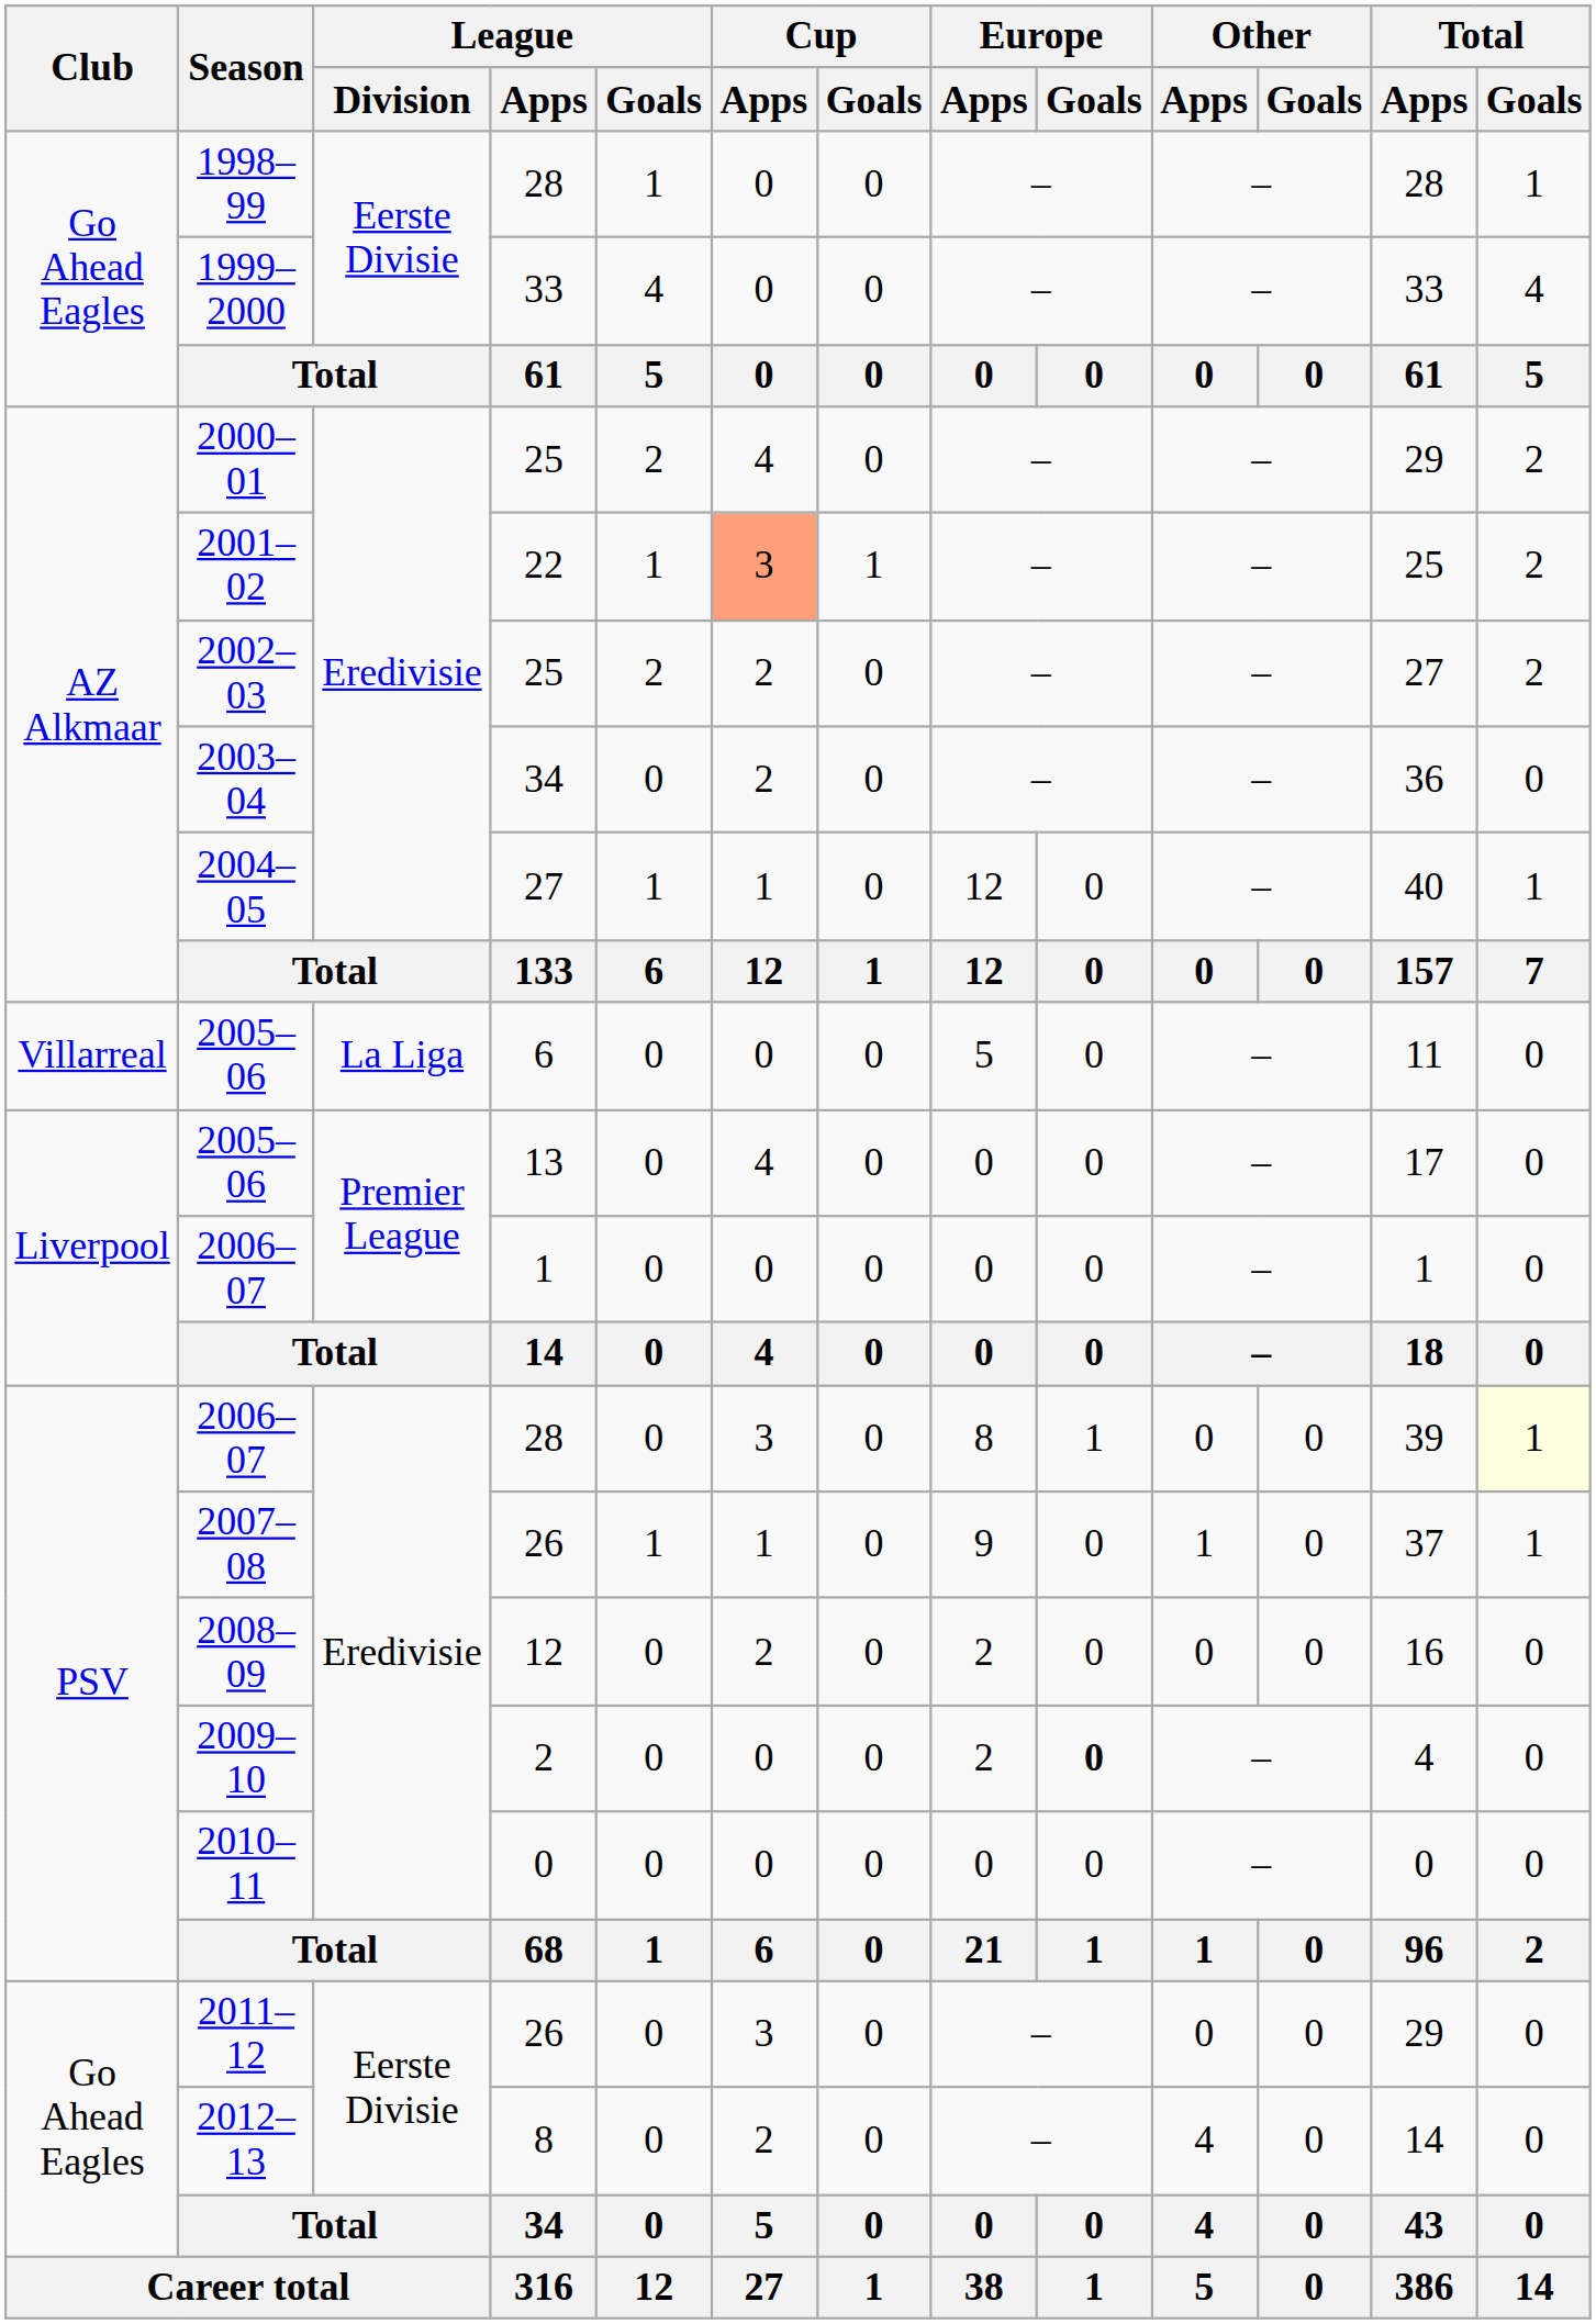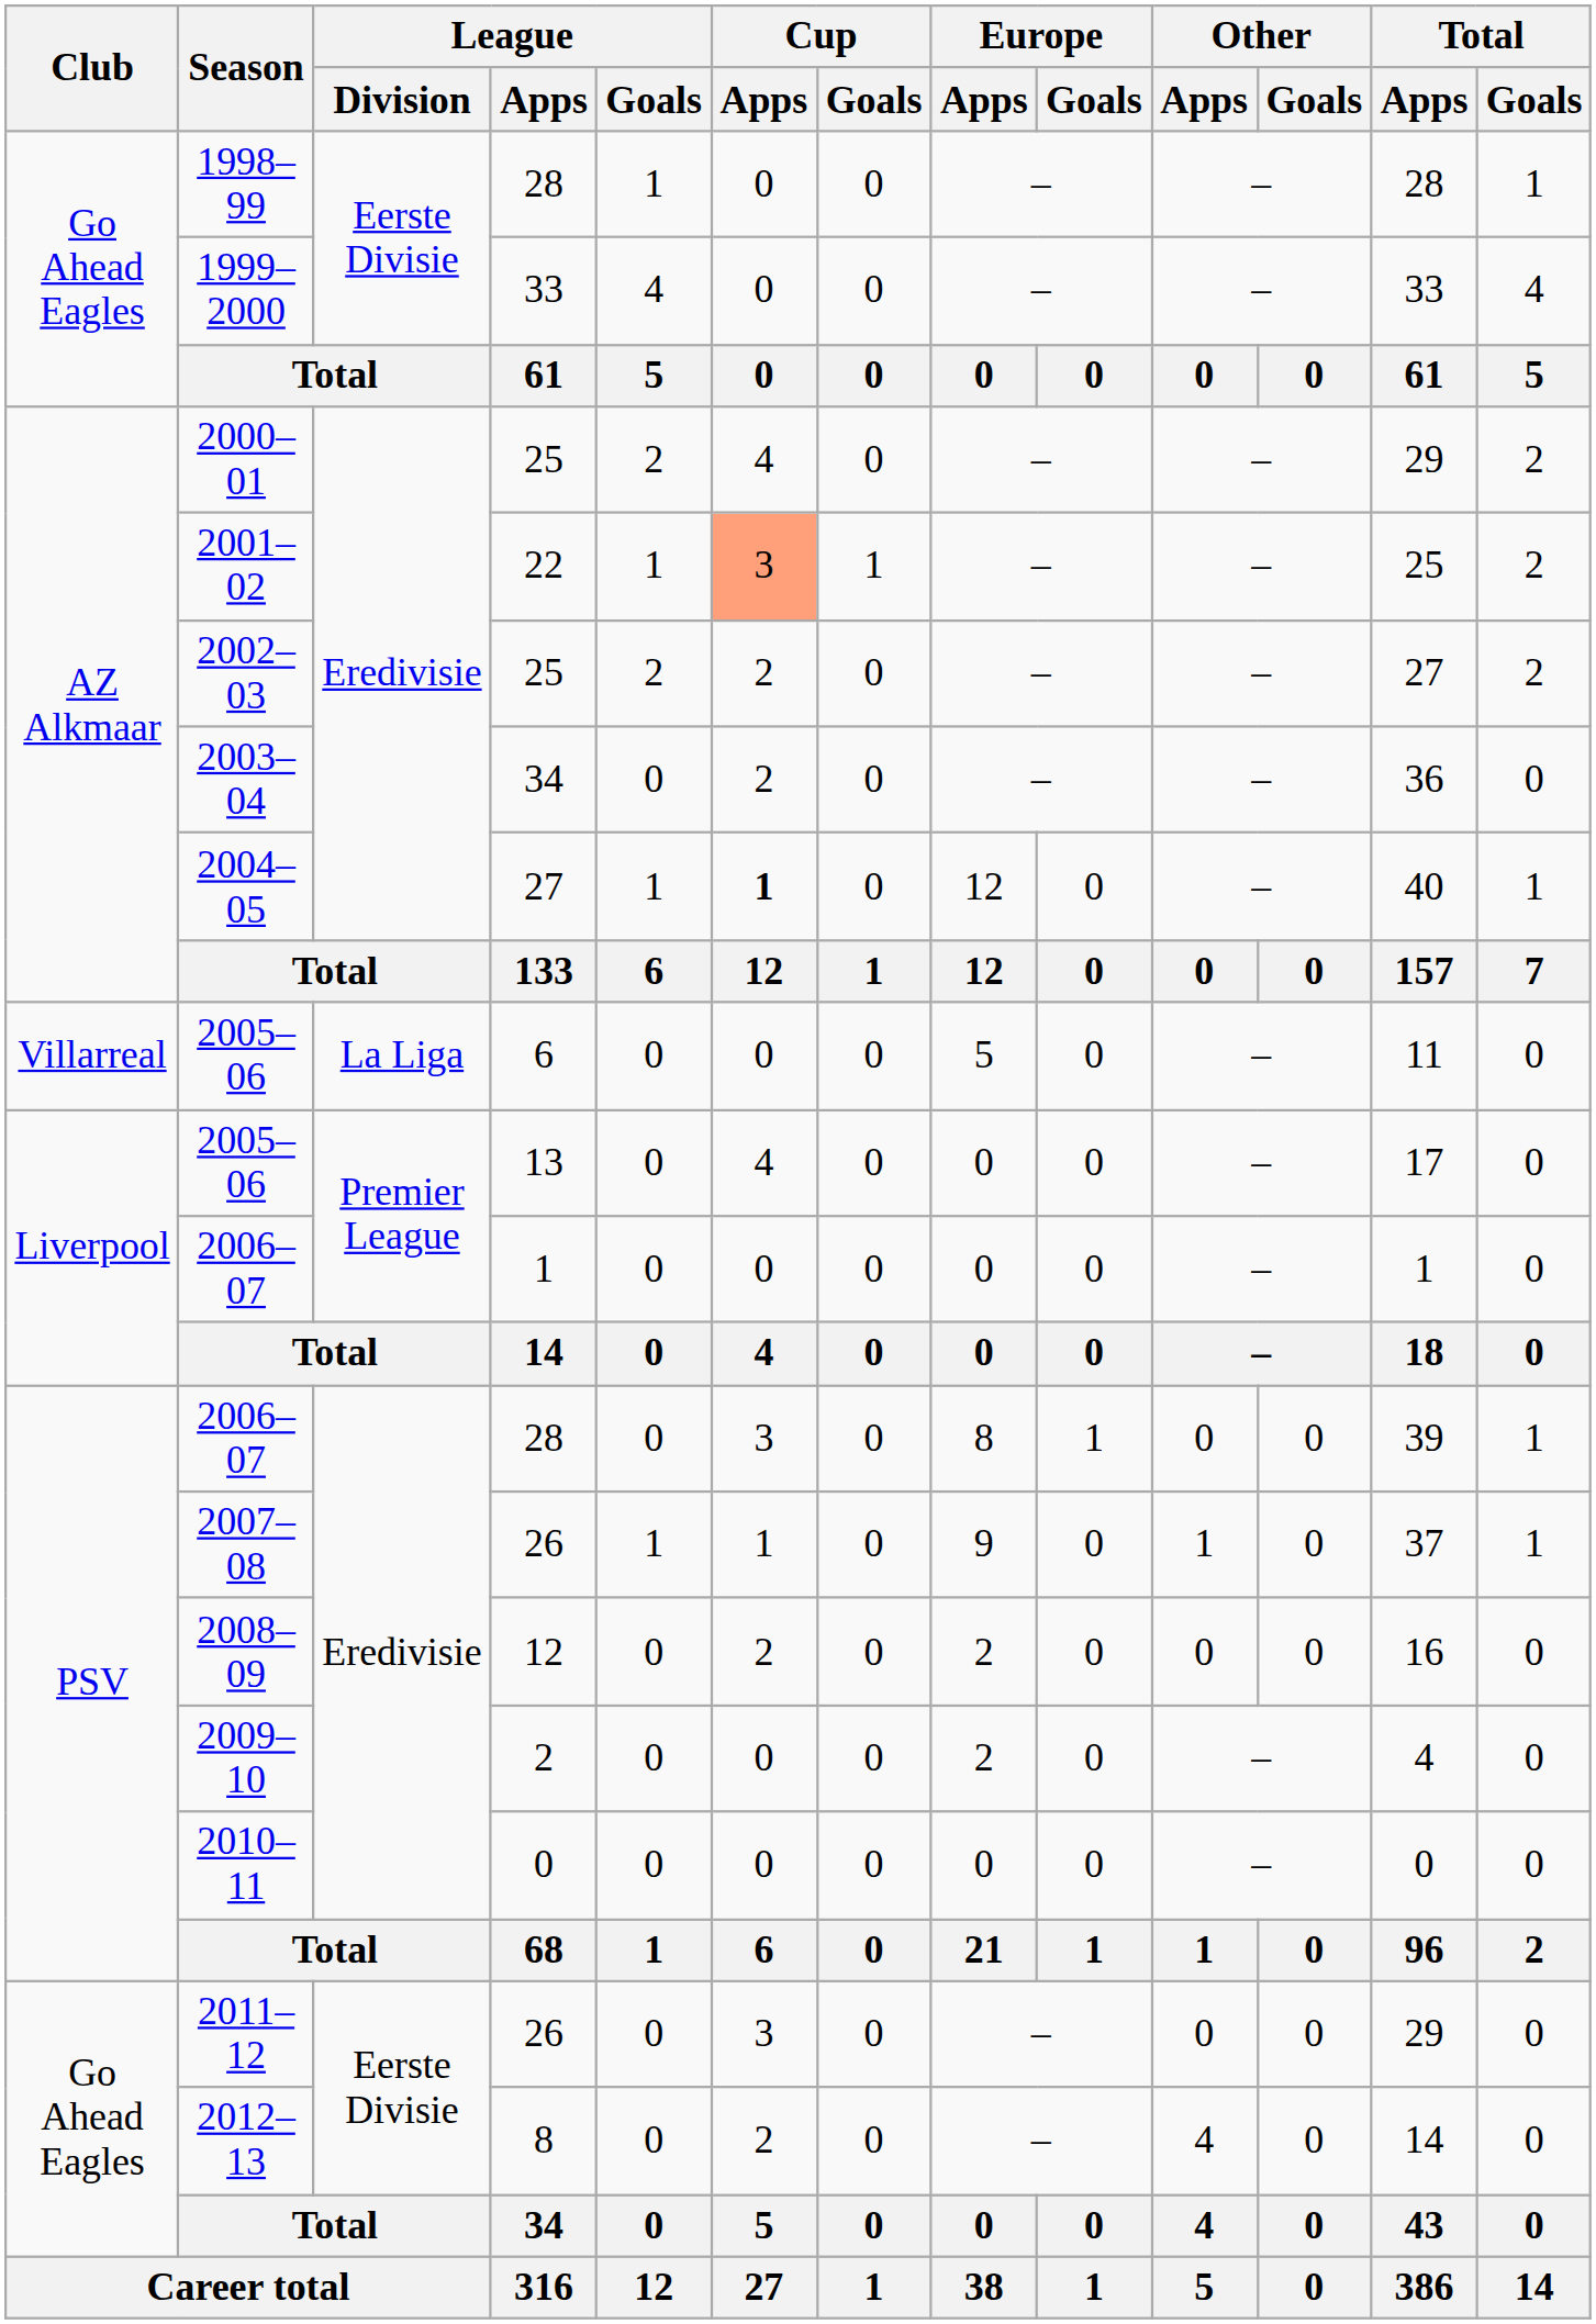 <table class="wikitable" style="text-align:center">
 <tr>
 <th rowspan="2">Club</th>
 <th rowspan="2">Season</th>
 <th colspan="3">League</th>
 <th colspan="2">Cup</th>
 <th colspan="2">Europe</th>
 <th colspan="2">Other</th>
 <th colspan="2">Total</th>
 </tr>
 <tr>
 <th>Division</th>
 <th>Apps</th>
 <th>Goals</th>
 <th>Apps</th>
 <th>Goals</th>
 <th>Apps</th>
 <th>Goals</th>
 <th>Apps</th>
 <th>Goals</th>
 <th>Apps</th>
 <th>Goals</th>
 </tr>
 <tr>
 <td rowspan="3"><a href='#'>Go Ahead Eagles</a></td>
 <td><a href='#'>1998–99</a></td>
 <td rowspan="2"><a href='#'>Eerste Divisie</a></td>
 <td>28</td>
 <td>1</td>
 <td>0</td>
 <td>0</td>
 <td colspan="2">–</td>
 <td colspan="2">–</td>
 <td>28</td>
 <td>1</td>
 </tr>
 <tr>
 <td><a href='#'>1999–2000</a></td>
 <td>33</td>
 <td>4</td>
 <td>0</td>
 <td>0</td>
 <td colspan="2">–</td>
 <td colspan="2">–</td>
 <td>33</td>
 <td>4</td>
 </tr>
 <tr>
 <th colspan="2">Total</th>
 <th>61</th>
 <th>5</th>
 <th>0</th>
 <th>0</th>
 <th>0</th>
 <th>0</th>
 <th>0</th>
 <th>0</th>
 <th>61</th>
 <th>5</th>
 </tr>
 <tr>
 <td rowspan="6"><a href='#'>AZ Alkmaar</a></td>
 <td><a href='#'>2000–01</a></td>
 <td rowspan="5"><a href='#'>Eredivisie</a></td>
 <td>25</td>
 <td>2</td>
 <td>4</td>
 <td>0</td>
 <td colspan="2">–</td>
 <td colspan="2">–</td>
 <td>29</td>
 <td>2</td>
 </tr>
 <tr>
 <td><a href='#'>2001–02</a></td>
 <td>22</td>
 <td>1</td>
 <td style="background: lightsalmon;">3</td>
 <td>1</td>
 <td colspan="2">–</td>
 <td colspan="2">–</td>
 <td>25</td>
 <td>2</td>
 </tr>
 <tr>
 <td><a href='#'>2002–03</a></td>
 <td>25</td>
 <td>2</td>
 <td>2</td>
 <td>0</td>
 <td colspan="2">–</td>
 <td colspan="2">–</td>
 <td>27</td>
 <td>2</td>
 </tr>
 <tr>
 <td><a href='#'>2003–04</a></td>
 <td>34</td>
 <td>0</td>
 <td>2</td>
 <td>0</td>
 <td colspan="2">–</td>
 <td colspan="2">–</td>
 <td>36</td>
 <td>0</td>
 </tr>
 <tr>
 <td><a href='#'>2004–05</a></td>
 <td>27</td>
 <td>1</td>
-<td>1</td>
+<td><strong>1</strong></td>
 <td>0</td>
 <td>12</td>
 <td>0</td>
 <td colspan="2">–</td>
 <td>40</td>
 <td>1</td>
 </tr>
 <tr>
 <th colspan="2">Total</th>
 <th>133</th>
 <th>6</th>
 <th>12</th>
 <th>1</th>
 <th>12</th>
 <th>0</th>
 <th>0</th>
 <th>0</th>
 <th>157</th>
 <th>7</th>
 </tr>
 <tr>
 <td><a href='#'>Villarreal</a></td>
 <td><a href='#'>2005–06</a></td>
 <td><a href='#'>La Liga</a></td>
 <td>6</td>
 <td>0</td>
 <td>0</td>
 <td>0</td>
 <td>5</td>
 <td>0</td>
 <td colspan="2">–</td>
 <td>11</td>
 <td>0</td>
 </tr>
 <tr>
 <td rowspan="3"><a href='#'>Liverpool</a></td>
 <td><a href='#'>2005–06</a></td>
 <td rowspan="2"><a href='#'>Premier League</a></td>
 <td>13</td>
 <td>0</td>
 <td>4</td>
 <td>0</td>
 <td>0</td>
 <td>0</td>
 <td colspan="2">–</td>
 <td>17</td>
 <td>0</td>
 </tr>
 <tr>
 <td><a href='#'>2006–07</a></td>
 <td>1</td>
 <td>0</td>
 <td>0</td>
 <td>0</td>
 <td>0</td>
 <td>0</td>
 <td colspan="2">–</td>
 <td>1</td>
 <td>0</td>
 </tr>
 <tr>
 <th colspan="2">Total</th>
 <th>14</th>
 <th>0</th>
 <th>4</th>
 <th>0</th>
 <th>0</th>
 <th>0</th>
 <th colspan="2">–</th>
 <th>18</th>
 <th>0</th>
 </tr>
 <tr>
 <td rowspan="6"><a href='#'>PSV</a></td>
 <td><a href='#'>2006–07</a></td>
 <td rowspan="5">Eredivisie</td>
 <td>28</td>
 <td>0</td>
 <td>3</td>
 <td>0</td>
 <td>8</td>
 <td>1</td>
 <td>0</td>
 <td>0</td>
 <td>39</td>
-<td style="background: lightyellow;">1</td>
+<td>1</td>
 </tr>
 <tr>
 <td><a href='#'>2007–08</a></td>
 <td>26</td>
 <td>1</td>
 <td>1</td>
 <td>0</td>
 <td>9</td>
 <td>0</td>
 <td>1</td>
 <td>0</td>
 <td>37</td>
 <td>1</td>
 </tr>
 <tr>
 <td><a href='#'>2008–09</a></td>
 <td>12</td>
 <td>0</td>
 <td>2</td>
 <td>0</td>
 <td>2</td>
 <td>0</td>
 <td>0</td>
 <td>0</td>
 <td>16</td>
 <td>0</td>
 </tr>
 <tr>
 <td><a href='#'>2009–10</a></td>
 <td>2</td>
 <td>0</td>
 <td>0</td>
 <td>0</td>
 <td>2</td>
-<td><strong>0</strong></td>
+<td>0</td>
 <td colspan="2">–</td>
 <td>4</td>
 <td>0</td>
 </tr>
 <tr>
 <td><a href='#'>2010–11</a></td>
 <td>0</td>
 <td>0</td>
 <td>0</td>
 <td>0</td>
 <td>0</td>
 <td>0</td>
 <td colspan="2">–</td>
 <td>0</td>
 <td>0</td>
 </tr>
 <tr>
 <th colspan="2">Total</th>
 <th>68</th>
 <th>1</th>
 <th>6</th>
 <th>0</th>
 <th>21</th>
 <th>1</th>
 <th>1</th>
 <th>0</th>
 <th>96</th>
 <th>2</th>
 </tr>
 <tr>
 <td rowspan="3">Go Ahead Eagles</td>
 <td><a href='#'>2011–12</a></td>
 <td rowspan="2">Eerste Divisie</td>
 <td>26</td>
 <td>0</td>
 <td>3</td>
 <td>0</td>
 <td colspan="2">–</td>
 <td>0</td>
 <td>0</td>
 <td>29</td>
 <td>0</td>
 </tr>
 <tr>
 <td><a href='#'>2012–13</a></td>
 <td>8</td>
 <td>0</td>
 <td>2</td>
 <td>0</td>
 <td colspan="2">–</td>
 <td>4</td>
 <td>0</td>
 <td>14</td>
 <td>0</td>
 </tr>
 <tr>
 <th colspan="2">Total</th>
 <th>34</th>
 <th>0</th>
 <th>5</th>
 <th>0</th>
 <th>0</th>
 <th>0</th>
 <th>4</th>
 <th>0</th>
 <th>43</th>
 <th>0</th>
 </tr>
 <tr>
 <th colspan="3">Career total</th>
 <th>316</th>
 <th>12</th>
 <th>27</th>
 <th>1</th>
 <th>38</th>
 <th>1</th>
 <th>5</th>
 <th>0</th>
 <th>386</th>
 <th>14</th>
 </tr>
 </table>
